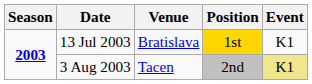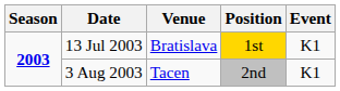 <table class="wikitable" style="text-align:center; font-size:95%;">
 <tr>
 <th>Season</th>
 <th>Date</th>
 <th>Venue</th>
 <th>Position</th>
 <th>Event</th>
 </tr>
 <tr>
 <td rowspan=2><strong><a href='#'>2003</a></strong></td>
 <td align=right>13 Jul 2003</td>
 <td align=left><a href='#'>Bratislava</a></td>
 <td bgcolor=gold>1st</td>
 <td>K1</td>
 </tr>
 <tr>
 <td align=right>3 Aug 2003</td>
 <td align=left><a href='#'>Tacen</a></td>
 <td bgcolor=silver>2nd</td>
-<td style="background: khaki;">K1</td>
+<td>K1</td>
 </tr>
 </table>
